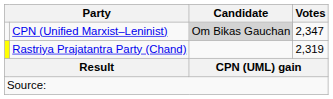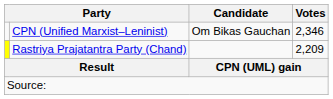 <table class="wikitable">
 <tr>
 <th colspan="2">Party</th>
 <th>Candidate</th>
 <th>Votes</th>
 </tr>
 <tr>
 <td style="background-color:"></td>
 <td><a href='#'>CPN (Unified Marxist–Leninist)</a></td>
-<td style="background: lightgrey;">Om Bikas Gauchan</td>
-<td>2,347</td>
+<td>Om Bikas Gauchan</td>
+<td>2,346</td>
 </tr>
 <tr>
 <td style="background-color:yellow"></td>
 <td><a href='#'>Rastriya Prajatantra Party (Chand)</a></td>
 <td></td>
-<td>2,319</td>
+<td>2,209</td>
 </tr>
 <tr>
 <th colspan="2">Result</th>
 <th colspan="2">CPN (UML) gain</th>
 </tr>
 <tr>
 <td colspan="4">Source: </td>
 </tr>
 </table>
